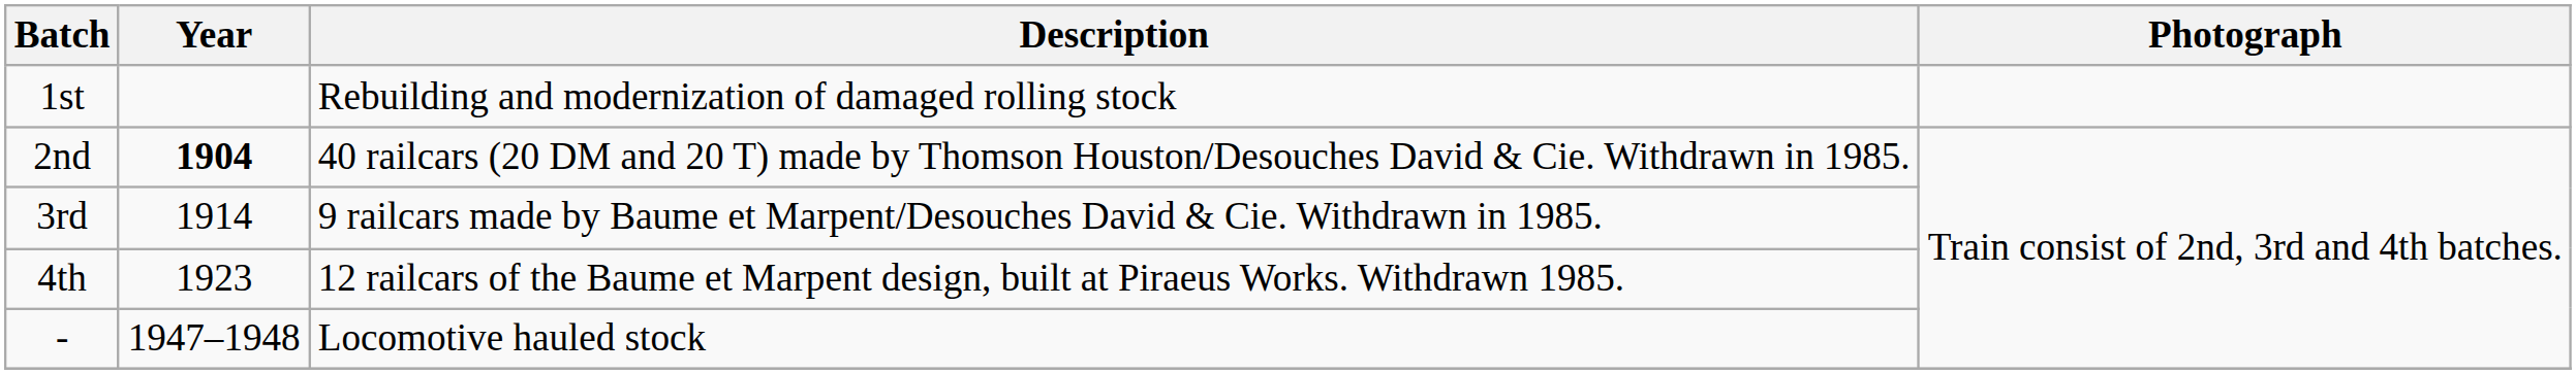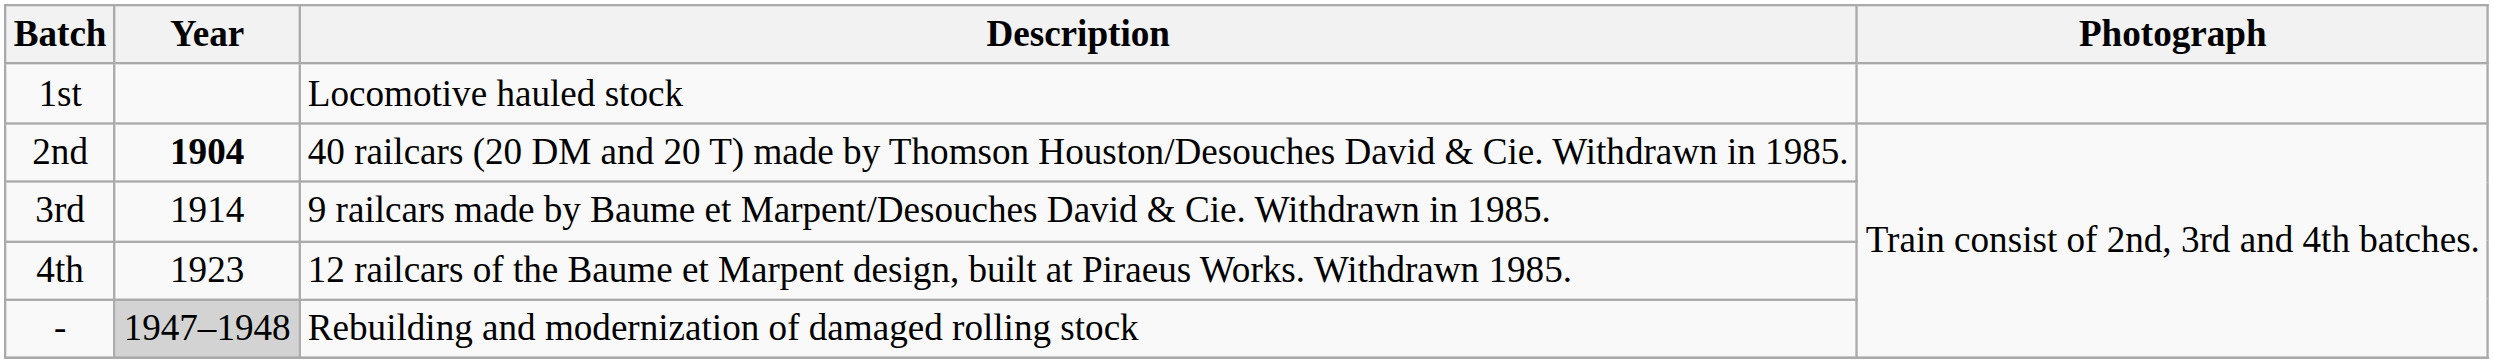 <table class="wikitable">
 <tr>
 <th>Batch</th>
 <th>Year</th>
 <th Left>Description</th>
 <th>Photograph</th>
 </tr>
 <tr>
 <td align="center">1st</td>
 <td></td>
-<td>Rebuilding and modernization of damaged rolling stock</td>
+<td>Locomotive hauled stock</td>
 <td></td>
 </tr>
 <tr>
 <td align="center">2nd</td>
 <td align="center"><strong>1904</strong></td>
 <td>40 railcars (20 DM and 20 T) made by Thomson Houston/Desouches David & Cie. Withdrawn in 1985.</td>
 <td rowspan=4>Train consist of 2nd, 3rd and 4th batches.</td>
 </tr>
 <tr>
 <td align="center">3rd</td>
 <td align="center">1914</td>
 <td>9 railcars made by Baume et Marpent/Desouches David & Cie. Withdrawn in 1985.</td>
 </tr>
 <tr>
 <td align="center">4th</td>
 <td align="center">1923</td>
 <td>12 railcars of the Baume et Marpent design, built at Piraeus Works. Withdrawn 1985.</td>
 </tr>
 <tr>
 <td align="center">-</td>
-<td align="center">1947–1948</td>
-<td>Locomotive hauled stock</td>
+<td align="center" style="background: lightgrey;">1947–1948</td>
+<td>Rebuilding and modernization of damaged rolling stock</td>
 </tr>
 <tr>
 </tr>
 </table>
